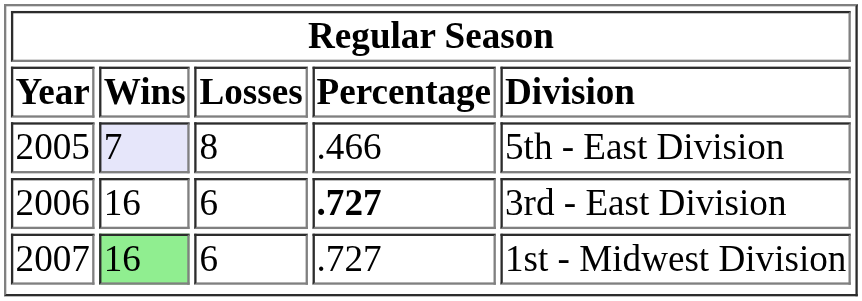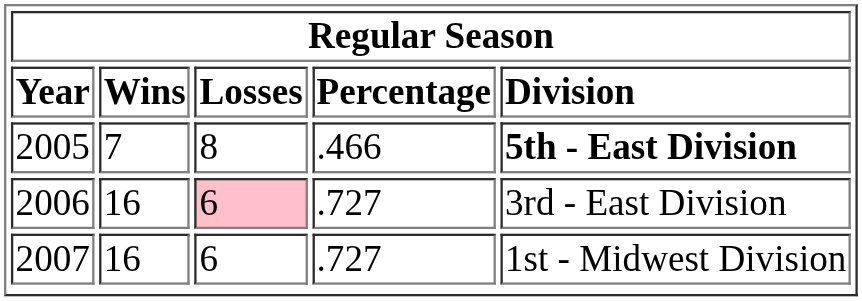 <table border="1" cellpadding="1">
 <tr>
 <td colspan="8" align="center"><strong>Regular Season</strong></td>
 </tr>
 <tr>
 <td><strong>Year</strong></td>
 <td><strong>Wins</strong></td>
 <td><strong>Losses</strong></td>
 <td><strong>Percentage</strong></td>
 <td><strong>Division</strong></td>
 </tr>
 <tr>
 <td>2005</td>
-<td style="background: lavender;">7</td>
+<td>7</td>
 <td>8</td>
 <td>.466</td>
-<td>5th - East Division</td>
+<td><strong>5th - East Division</strong></td>
 </tr>
 <tr>
 <td>2006</td>
 <td>16</td>
-<td>6</td>
-<td><strong>.727</strong></td>
+<td style="background: pink;">6</td>
+<td>.727</td>
 <td>3rd - East Division</td>
 </tr>
 <tr>
 <td>2007</td>
-<td style="background: lightgreen;">16</td>
+<td>16</td>
 <td>6</td>
 <td>.727</td>
 <td>1st - Midwest Division</td>
 </tr>
 <tr>
 </tr>
 </table>
